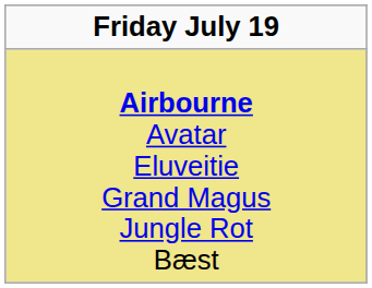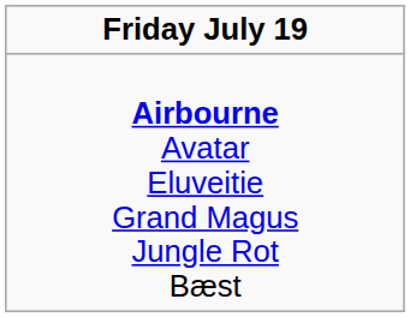 <table class="wikitable">
 <tr>
 <td colspan="3" align="center"><strong>Friday July 19</strong></td>
 </tr>
 <tr>
-<td valign="top" align="center" width=200 style="background: khaki;"><br><strong><a href='#'>Airbourne</a></strong> <br><a href='#'>Avatar</a> <br><a href='#'>Eluveitie</a> <br><a href='#'>Grand Magus</a> <br><a href='#'>Jungle Rot</a> <br>Bæst</td>
+<td valign="top" align="center" width=200><br><strong><a href='#'>Airbourne</a></strong> <br><a href='#'>Avatar</a> <br><a href='#'>Eluveitie</a> <br><a href='#'>Grand Magus</a> <br><a href='#'>Jungle Rot</a> <br>Bæst</td>
 </tr>
 </table>
